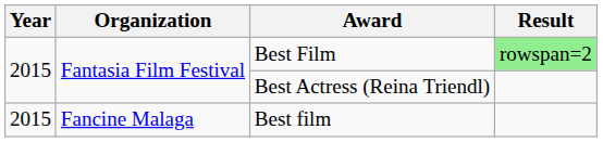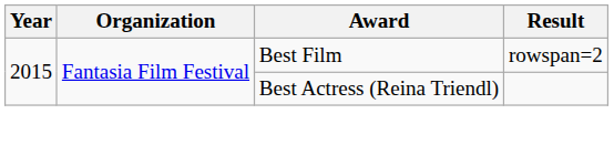 <table class="wikitable">
 <tr>
 <th>Year</th>
 <th>Organization</th>
 <th>Award</th>
 <th>Result</th>
 </tr>
 <tr>
 <td rowspan=2>2015</td>
 <td rowspan=2><a href='#'>Fantasia Film Festival</a></td>
 <td>Best Film</td>
-<td style="background: lightgreen;">rowspan=2 </td>
+<td>rowspan=2 </td>
 </tr>
 <tr>
 <td>Best Actress (Reina Triendl)</td>
 </tr>
-<tr>
-<td>2015</td>
-<td><a href='#'>Fancine Malaga</a></td>
-<td>Best film</td>
-<td></td>
-</tr>
 </table>
